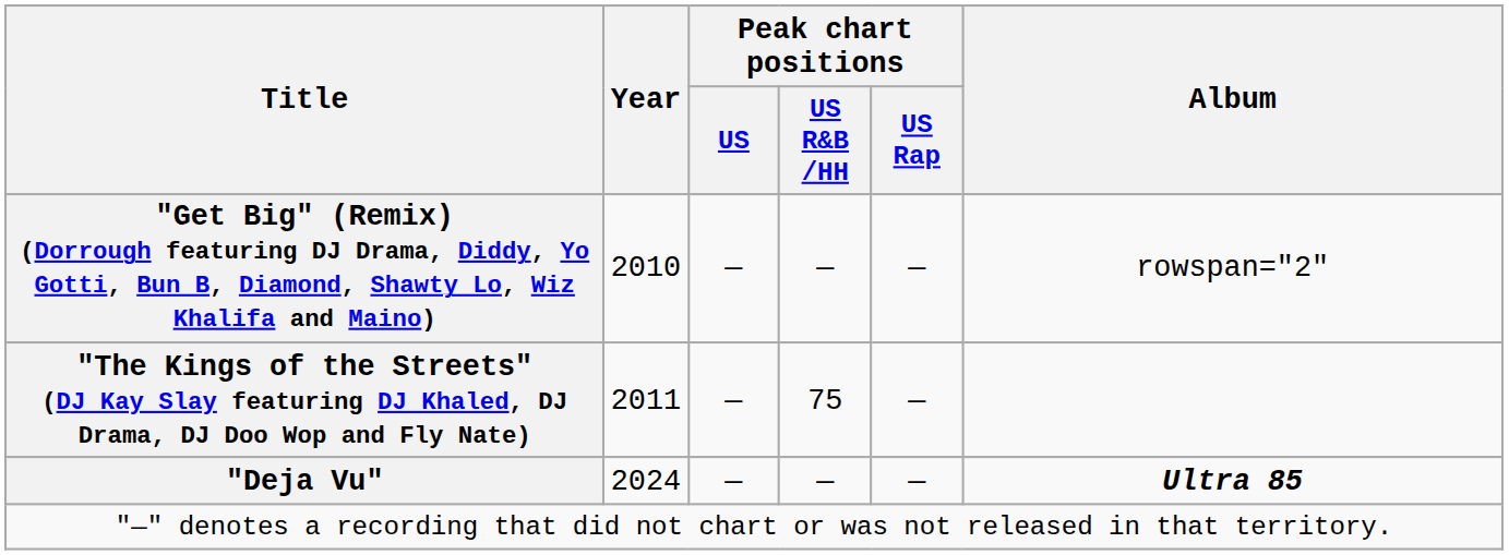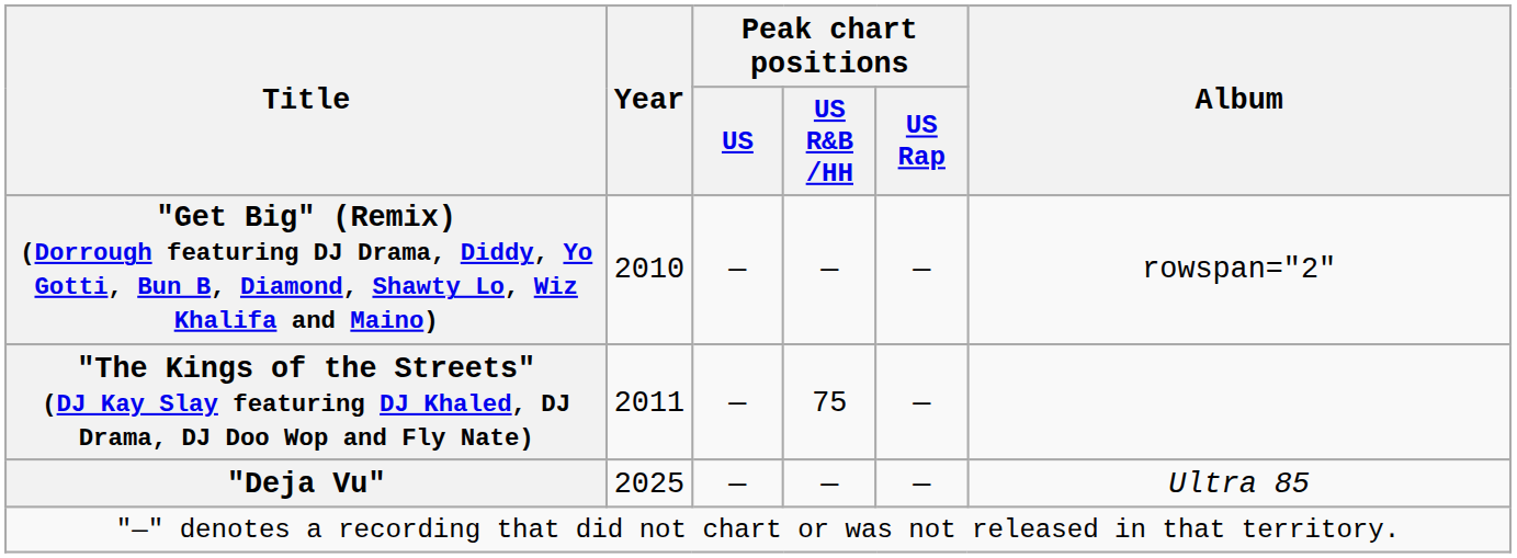 <table class="wikitable plainrowheaders" style="text-align:center;" border="1">
 <tr>
 <th scope="col" rowspan="2" style="width:20em;">Title</th>
 <th scope="col" rowspan="2">Year</th>
 <th scope="col" colspan="3">Peak chart positions</th>
 <th scope="col" rowspan="2" style="width:18em;">Album</th>
 </tr>
 <tr>
 <th scope="col" style="width:3em;font-size:90%;"><a href='#'>US</a></th>
 <th scope="col" style="width:3em;font-size:90%;"><a href='#'>US<br>R&B<br>/HH</a></th>
 <th scope="col" style="width:3em;font-size:90%;"><a href='#'>US<br>Rap</a></th>
 </tr>
 <tr>
 <th scope="row">"Get Big" (Remix)<br><small>(<a href='#'>Dorrough</a> featuring DJ Drama, <a href='#'>Diddy</a>, <a href='#'>Yo Gotti</a>, <a href='#'>Bun B</a>, <a href='#'>Diamond</a>, <a href='#'>Shawty Lo</a>, <a href='#'>Wiz Khalifa</a> and <a href='#'>Maino</a>)</small></th>
 <td>2010</td>
 <td>—</td>
 <td>—</td>
 <td>—</td>
 <td>rowspan="2" </td>
 </tr>
 <tr>
 <th scope="row">"The Kings of the Streets"<br><small>(<a href='#'>DJ Kay Slay</a> featuring <a href='#'>DJ Khaled</a>, DJ Drama, DJ Doo Wop and Fly Nate)</small></th>
 <td>2011</td>
 <td>—</td>
 <td>75</td>
 <td>—</td>
 </tr>
 <tr>
 <th scope="row">"Deja Vu"<br></th>
-<td>2024</td>
+<td>2025</td>
 <td>—</td>
 <td>—</td>
 <td>—</td>
-<td><strong><em>Ultra 85</em></strong></td>
+<td><em>Ultra 85</em></td>
 </tr>
 <tr>
 <td colspan="6" style="font-size:90%">"—" denotes a recording that did not chart or was not released in that territory.</td>
 </tr>
 </table>
